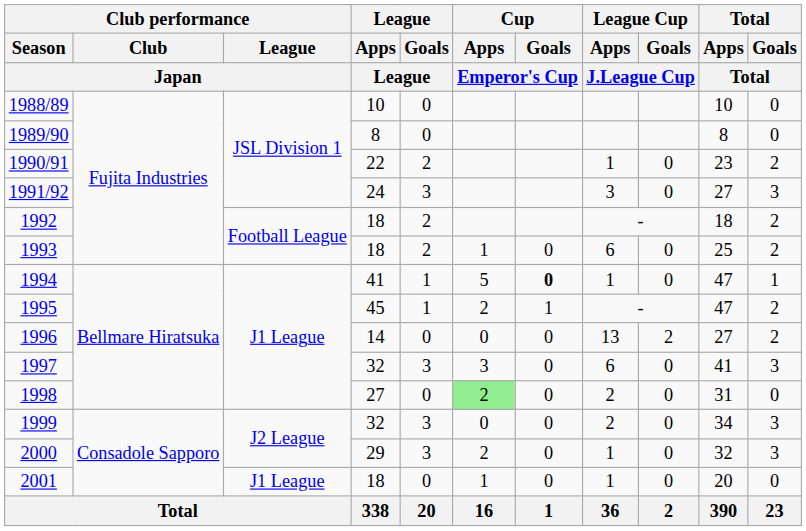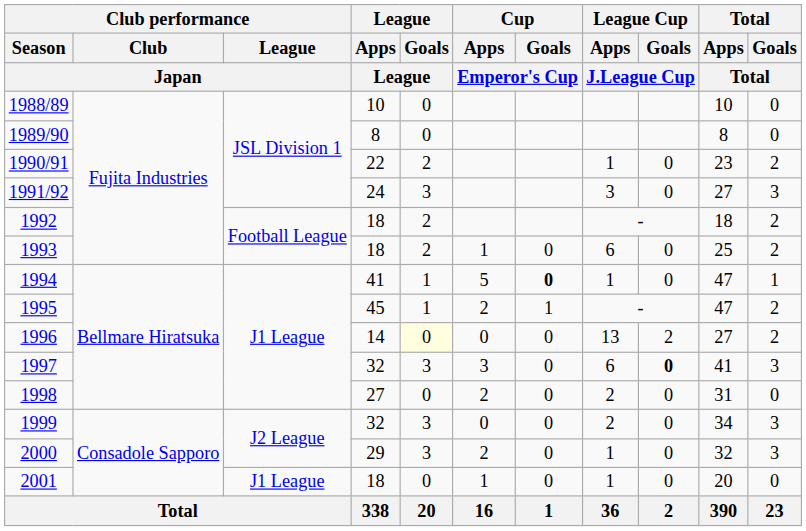 <table class="wikitable" style="text-align:center;">
 <tr>
 <th colspan=3>Club performance</th>
 <th colspan=2>League</th>
 <th colspan=2>Cup</th>
 <th colspan=2>League Cup</th>
 <th colspan=2>Total</th>
 </tr>
 <tr>
 <th>Season</th>
 <th>Club</th>
 <th>League</th>
 <th>Apps</th>
 <th>Goals</th>
 <th>Apps</th>
 <th>Goals</th>
 <th>Apps</th>
 <th>Goals</th>
 <th>Apps</th>
 <th>Goals</th>
 </tr>
 <tr>
 <th colspan=3>Japan</th>
 <th colspan=2>League</th>
 <th colspan=2><a href='#'>Emperor's Cup</a></th>
 <th colspan=2><a href='#'>J.League Cup</a></th>
 <th colspan=2>Total</th>
 </tr>
 <tr>
 <td><a href='#'>1988/89</a></td>
 <td rowspan="6"><a href='#'>Fujita Industries</a></td>
 <td rowspan="4"><a href='#'>JSL Division 1</a></td>
 <td>10</td>
 <td>0</td>
 <td></td>
 <td></td>
 <td></td>
 <td></td>
 <td>10</td>
 <td>0</td>
 </tr>
 <tr>
 <td><a href='#'>1989/90</a></td>
 <td>8</td>
 <td>0</td>
 <td></td>
 <td></td>
 <td></td>
 <td></td>
 <td>8</td>
 <td>0</td>
 </tr>
 <tr>
 <td><a href='#'>1990/91</a></td>
 <td>22</td>
 <td>2</td>
 <td></td>
 <td></td>
 <td>1</td>
 <td>0</td>
 <td>23</td>
 <td>2</td>
 </tr>
 <tr>
 <td><a href='#'>1991/92</a></td>
 <td>24</td>
 <td>3</td>
 <td></td>
 <td></td>
 <td>3</td>
 <td>0</td>
 <td>27</td>
 <td>3</td>
 </tr>
 <tr>
 <td><a href='#'>1992</a></td>
 <td rowspan="2"><a href='#'>Football League</a></td>
 <td>18</td>
 <td>2</td>
 <td></td>
 <td></td>
 <td colspan="2">-</td>
 <td>18</td>
 <td>2</td>
 </tr>
 <tr>
 <td><a href='#'>1993</a></td>
 <td>18</td>
 <td>2</td>
 <td>1</td>
 <td>0</td>
 <td>6</td>
 <td>0</td>
 <td>25</td>
 <td>2</td>
 </tr>
 <tr>
 <td><a href='#'>1994</a></td>
 <td rowspan="5"><a href='#'>Bellmare Hiratsuka</a></td>
 <td rowspan="5"><a href='#'>J1 League</a></td>
 <td>41</td>
 <td>1</td>
 <td>5</td>
 <td><strong>0</strong></td>
 <td>1</td>
 <td>0</td>
 <td>47</td>
 <td>1</td>
 </tr>
 <tr>
 <td><a href='#'>1995</a></td>
 <td>45</td>
 <td>1</td>
 <td>2</td>
 <td>1</td>
 <td colspan="2">-</td>
 <td>47</td>
 <td>2</td>
 </tr>
 <tr>
 <td><a href='#'>1996</a></td>
 <td>14</td>
-<td>0</td>
+<td style="background: lightyellow;">0</td>
 <td>0</td>
 <td>0</td>
 <td>13</td>
 <td>2</td>
 <td>27</td>
 <td>2</td>
 </tr>
 <tr>
 <td><a href='#'>1997</a></td>
 <td>32</td>
 <td>3</td>
 <td>3</td>
 <td>0</td>
 <td>6</td>
-<td>0</td>
+<td><strong>0</strong></td>
 <td>41</td>
 <td>3</td>
 </tr>
 <tr>
 <td><a href='#'>1998</a></td>
 <td>27</td>
 <td>0</td>
-<td style="background: lightgreen;">2</td>
+<td>2</td>
 <td>0</td>
 <td>2</td>
 <td>0</td>
 <td>31</td>
 <td>0</td>
 </tr>
 <tr>
 <td><a href='#'>1999</a></td>
 <td rowspan="3"><a href='#'>Consadole Sapporo</a></td>
 <td rowspan="2"><a href='#'>J2 League</a></td>
 <td>32</td>
 <td>3</td>
 <td>0</td>
 <td>0</td>
 <td>2</td>
 <td>0</td>
 <td>34</td>
 <td>3</td>
 </tr>
 <tr>
 <td><a href='#'>2000</a></td>
 <td>29</td>
 <td>3</td>
 <td>2</td>
 <td>0</td>
 <td>1</td>
 <td>0</td>
 <td>32</td>
 <td>3</td>
 </tr>
 <tr>
 <td><a href='#'>2001</a></td>
 <td><a href='#'>J1 League</a></td>
 <td>18</td>
 <td>0</td>
 <td>1</td>
 <td>0</td>
 <td>1</td>
 <td>0</td>
 <td>20</td>
 <td>0</td>
 </tr>
 <tr>
 <th colspan=3>Total</th>
 <th>338</th>
 <th>20</th>
 <th>16</th>
 <th>1</th>
 <th>36</th>
 <th>2</th>
 <th>390</th>
 <th>23</th>
 </tr>
 </table>
